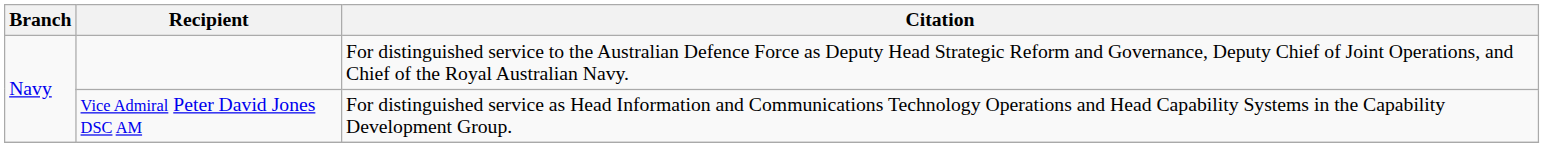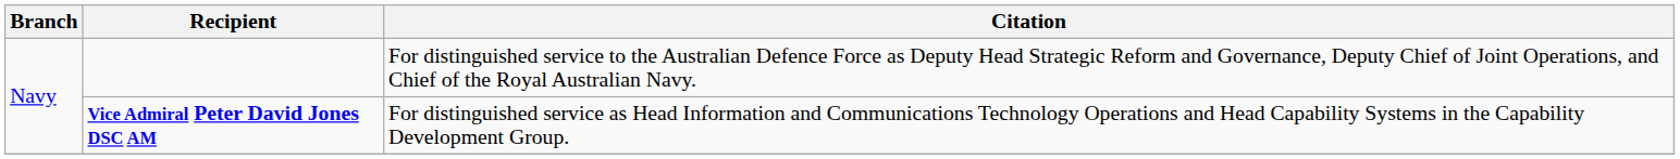 <table class=wikitable>
 <tr>
 <th>Branch</th>
 <th>Recipient</th>
 <th>Citation</th>
 </tr>
 <tr>
 <td rowspan="2"><a href='#'>Navy</a></td>
 <td></td>
 <td>For distinguished service to the Australian Defence Force as Deputy Head Strategic Reform and Governance, Deputy Chief of Joint Operations, and Chief of the Royal Australian Navy.</td>
 </tr>
 <tr>
-<td><small><a href='#'>Vice Admiral</a></small> <a href='#'>Peter David Jones</a> <small><a href='#'>DSC</a> <a href='#'>AM</a></small></td>
+<td><strong><small><a href='#'>Vice Admiral</a></small> <a href='#'>Peter David Jones</a> <small><a href='#'>DSC</a> <a href='#'>AM</a></small></strong></td>
 <td>For distinguished service as Head Information and Communications Technology Operations and Head Capability Systems in the Capability Development Group.</td>
 </tr>
 <tr>
 </tr>
 </table>
